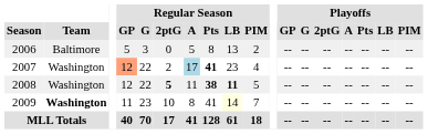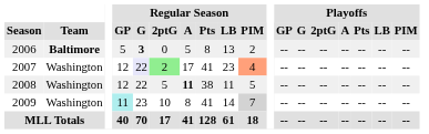 <table BORDER="0" CELLPADDING="3" CELLSPACING="0">
 <tr ALIGN="center" bgcolor="#e0e0e0">
 <th colspan="2" bgcolor="#ffffff"> </th>
 <th rowspan="99" bgcolor="#ffffff"> </th>
 <th colspan="7">Regular Season</th>
 <th rowspan="99" bgcolor="#ffffff"> </th>
 <th colspan="7">Playoffs</th>
 </tr>
 <tr ALIGN="center" bgcolor="#e0e0e0">
 <th>Season</th>
 <th>Team</th>
 <th>GP</th>
 <th>G</th>
 <th>2ptG</th>
 <th>A</th>
 <th>Pts</th>
 <th>LB</th>
 <th>PIM</th>
 <th>GP</th>
 <th>G</th>
 <th>2ptG</th>
 <th>A</th>
 <th>Pts</th>
 <th>LB</th>
 <th>PIM</th>
 </tr>
 <tr ALIGN="center" bgcolor="#f0f0f0">
 <td>2006</td>
-<td>Baltimore</td>
+<td><strong>Baltimore</strong></td>
 <td>5</td>
-<td>3</td>
+<td><strong>3</strong></td>
 <td>0</td>
 <td>5</td>
 <td>8</td>
 <td>13</td>
 <td>2</td>
 <td>--</td>
 <td>--</td>
 <td>--</td>
 <td>--</td>
 <td>--</td>
 <td>--</td>
 <td>--</td>
 </tr>
 <tr ALIGN="center">
 <td>2007</td>
 <td>Washington</td>
-<td style="background: lightsalmon;">12</td>
-<td>22</td>
-<td>2</td>
-<td style="background: lightblue;">17</td>
-<td><strong>41</strong></td>
+<td>12</td>
+<td style="background: lavender;">22</td>
+<td style="background: lightgreen;">2</td>
+<td>17</td>
+<td>41</td>
 <td>23</td>
-<td>4</td>
+<td style="background: lightsalmon;">4</td>
 <td>--</td>
 <td>--</td>
 <td>--</td>
 <td>--</td>
 <td>--</td>
 <td>--</td>
 <td>--</td>
 </tr>
 <tr ALIGN="center" bgcolor="#f0f0f0">
 <td>2008</td>
 <td>Washington</td>
 <td>12</td>
 <td>22</td>
-<td><strong>5</strong></td>
+<td>5</td>
+<td><strong>11</strong></td>
+<td>38</td>
 <td>11</td>
-<td><strong>38</strong></td>
-<td><strong>11</strong></td>
 <td>5</td>
 <td>--</td>
 <td>--</td>
 <td>--</td>
 <td>--</td>
 <td>--</td>
 <td>--</td>
 <td>--</td>
 </tr>
 <tr ALIGN="center">
 <td>2009</td>
-<td><strong>Washington</strong></td>
-<td>11</td>
+<td>Washington</td>
+<td style="background: paleturquoise;">11</td>
 <td>23</td>
 <td>10</td>
 <td>8</td>
 <td>41</td>
-<td style="background: lightyellow;">14</td>
-<td>7</td>
+<td>14</td>
+<td style="background: lightgrey;">7</td>
 <td>--</td>
 <td>--</td>
 <td>--</td>
 <td>--</td>
 <td>--</td>
 <td>--</td>
 <td>--</td>
 </tr>
 <tr ALIGN="center" bgcolor="#e0e0e0">
 <th colspan="2">MLL Totals</th>
 <th>40</th>
 <th>70</th>
 <th>17</th>
 <th>41</th>
 <th>128</th>
 <th>61</th>
 <th>18</th>
 <th>--</th>
 <th>--</th>
 <th>--</th>
 <th>--</th>
 <th>--</th>
 <th>--</th>
 <th>--</th>
 </tr>
 </table>
